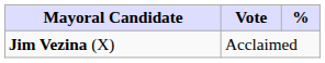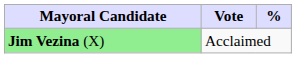 <table class="wikitable">
 <tr>
 <th style="background:#ddf; width:200px;">Mayoral Candidate</th>
 <th style="background:#ddf; width:50px;">Vote</th>
 <th style="background:#ddf; width:30px;">%</th>
 </tr>
 <tr>
-<td><strong>Jim Vezina</strong> (X)</td>
+<td style="background: lightgreen;"><strong>Jim Vezina</strong> (X)</td>
 <td colspan="2">Acclaimed</td>
 </tr>
 </table>
